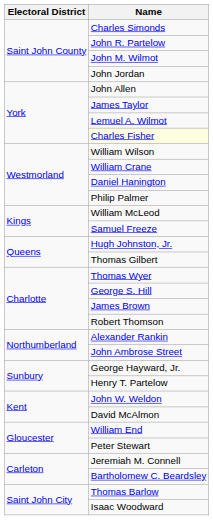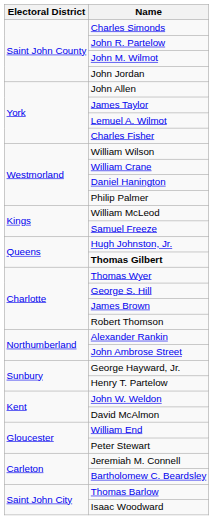 <table class="wikitable">
 <tr>
 <th>Electoral District</th>
 <th>Name</th>
 </tr>
 <tr>
 <td rowspan="4"><a href='#'>Saint John County</a></td>
 <td><a href='#'>Charles Simonds</a></td>
 </tr>
 <tr>
 <td><a href='#'>John R. Partelow</a></td>
 </tr>
 <tr>
 <td><a href='#'>John M. Wilmot</a></td>
 </tr>
 <tr>
 <td>John Jordan</td>
 </tr>
 <tr>
 <td rowspan="4"><a href='#'>York</a></td>
 <td>John Allen</td>
 </tr>
 <tr>
 <td><a href='#'>James Taylor</a></td>
 </tr>
 <tr>
 <td><a href='#'>Lemuel A. Wilmot</a></td>
 </tr>
 <tr>
-<td style="background: lightyellow;"><a href='#'>Charles Fisher</a></td>
+<td><a href='#'>Charles Fisher</a></td>
 </tr>
 <tr>
 <td rowspan="4"><a href='#'>Westmorland</a></td>
 <td>William Wilson</td>
 </tr>
 <tr>
 <td><a href='#'>William Crane</a></td>
 </tr>
 <tr>
 <td><a href='#'>Daniel Hanington</a></td>
 </tr>
 <tr>
 <td>Philip Palmer</td>
 </tr>
 <tr>
 <td rowspan="2"><a href='#'>Kings</a></td>
 <td>William McLeod</td>
 </tr>
 <tr>
 <td><a href='#'>Samuel Freeze</a></td>
 </tr>
 <tr>
 <td rowspan="2"><a href='#'>Queens</a></td>
 <td><a href='#'>Hugh Johnston, Jr.</a></td>
 </tr>
 <tr>
-<td>Thomas Gilbert</td>
+<td><strong>Thomas Gilbert</strong></td>
 </tr>
 <tr>
 <td rowspan="4"><a href='#'>Charlotte</a></td>
 <td><a href='#'>Thomas Wyer</a></td>
 </tr>
 <tr>
 <td><a href='#'>George S. Hill</a></td>
 </tr>
 <tr>
 <td><a href='#'>James Brown</a></td>
 </tr>
 <tr>
 <td>Robert Thomson</td>
 </tr>
 <tr>
 <td rowspan="2"><a href='#'>Northumberland</a></td>
 <td><a href='#'>Alexander Rankin</a></td>
 </tr>
 <tr>
 <td><a href='#'>John Ambrose Street</a></td>
 </tr>
 <tr>
 <td rowspan="2"><a href='#'>Sunbury</a></td>
 <td>George Hayward, Jr.</td>
 </tr>
 <tr>
 <td>Henry T. Partelow</td>
 </tr>
 <tr>
 <td rowspan="2"><a href='#'>Kent</a></td>
 <td><a href='#'>John W. Weldon</a></td>
 </tr>
 <tr>
 <td>David McAlmon</td>
 </tr>
 <tr>
 <td rowspan="2"><a href='#'>Gloucester</a></td>
 <td><a href='#'>William End</a></td>
 </tr>
 <tr>
 <td>Peter Stewart</td>
 </tr>
 <tr>
 <td rowspan="2"><a href='#'>Carleton</a></td>
 <td>Jeremiah M. Connell</td>
 </tr>
 <tr>
 <td><a href='#'>Bartholomew C. Beardsley</a></td>
 </tr>
 <tr>
 <td rowspan="2"><a href='#'>Saint John City</a></td>
 <td><a href='#'>Thomas Barlow</a></td>
 </tr>
 <tr>
 <td>Isaac Woodward</td>
 </tr>
 </table>
